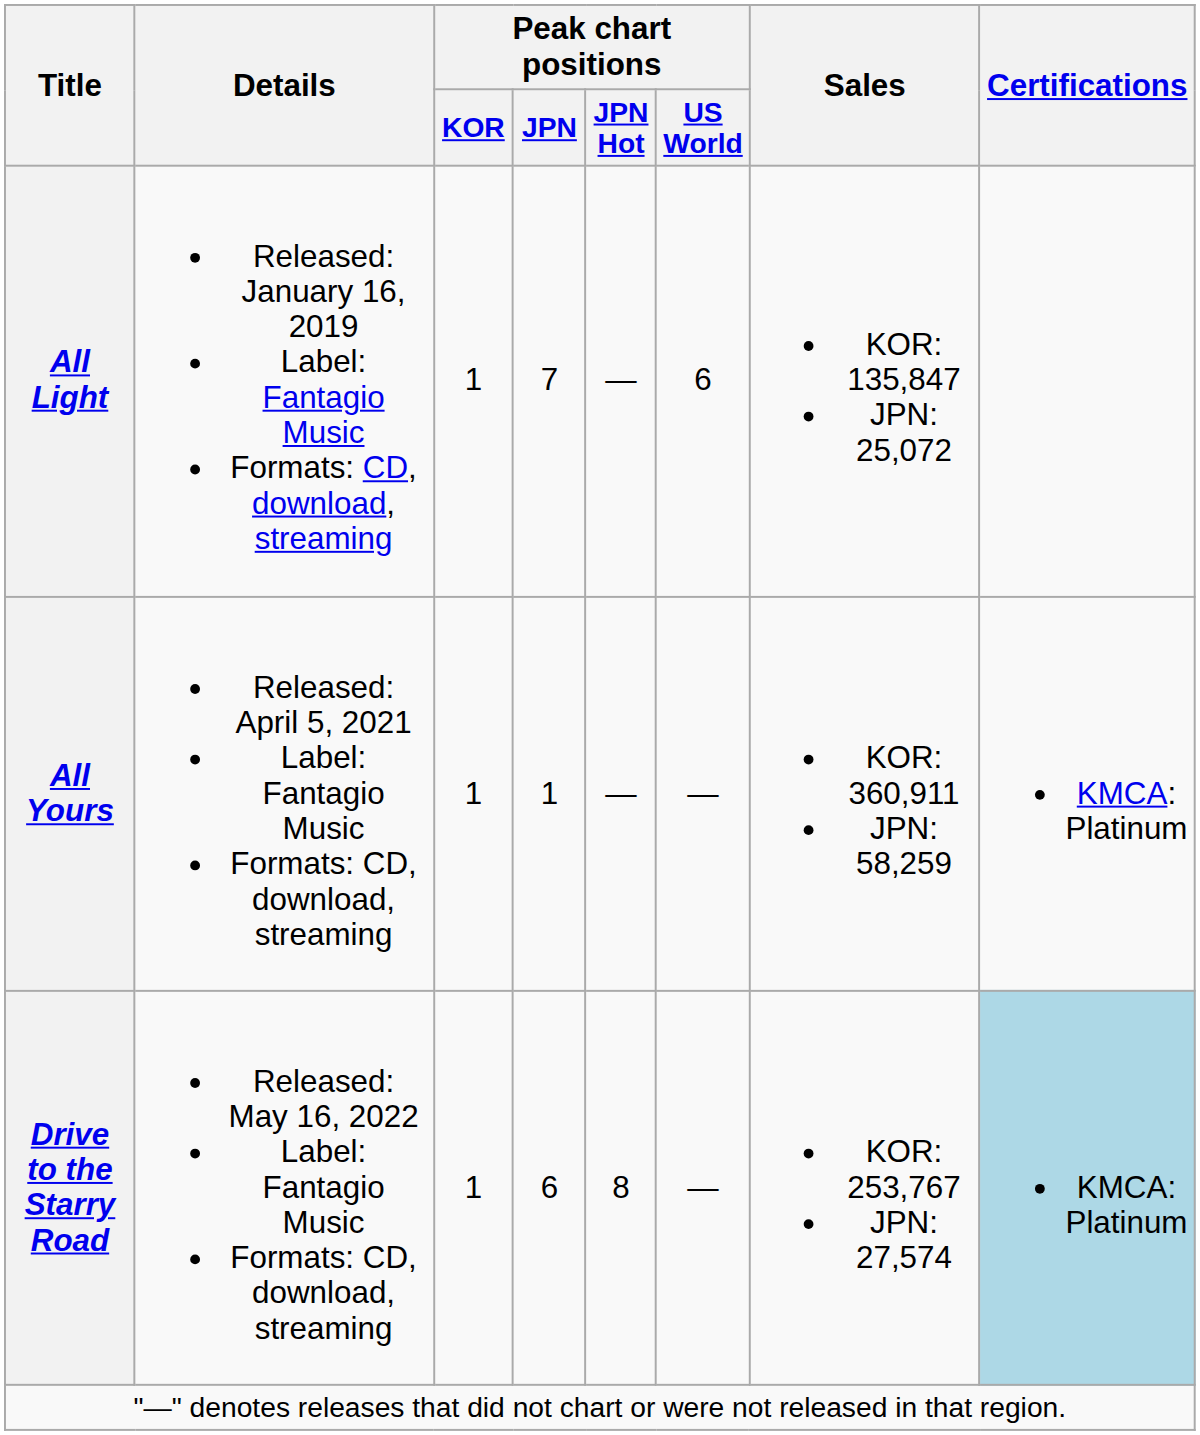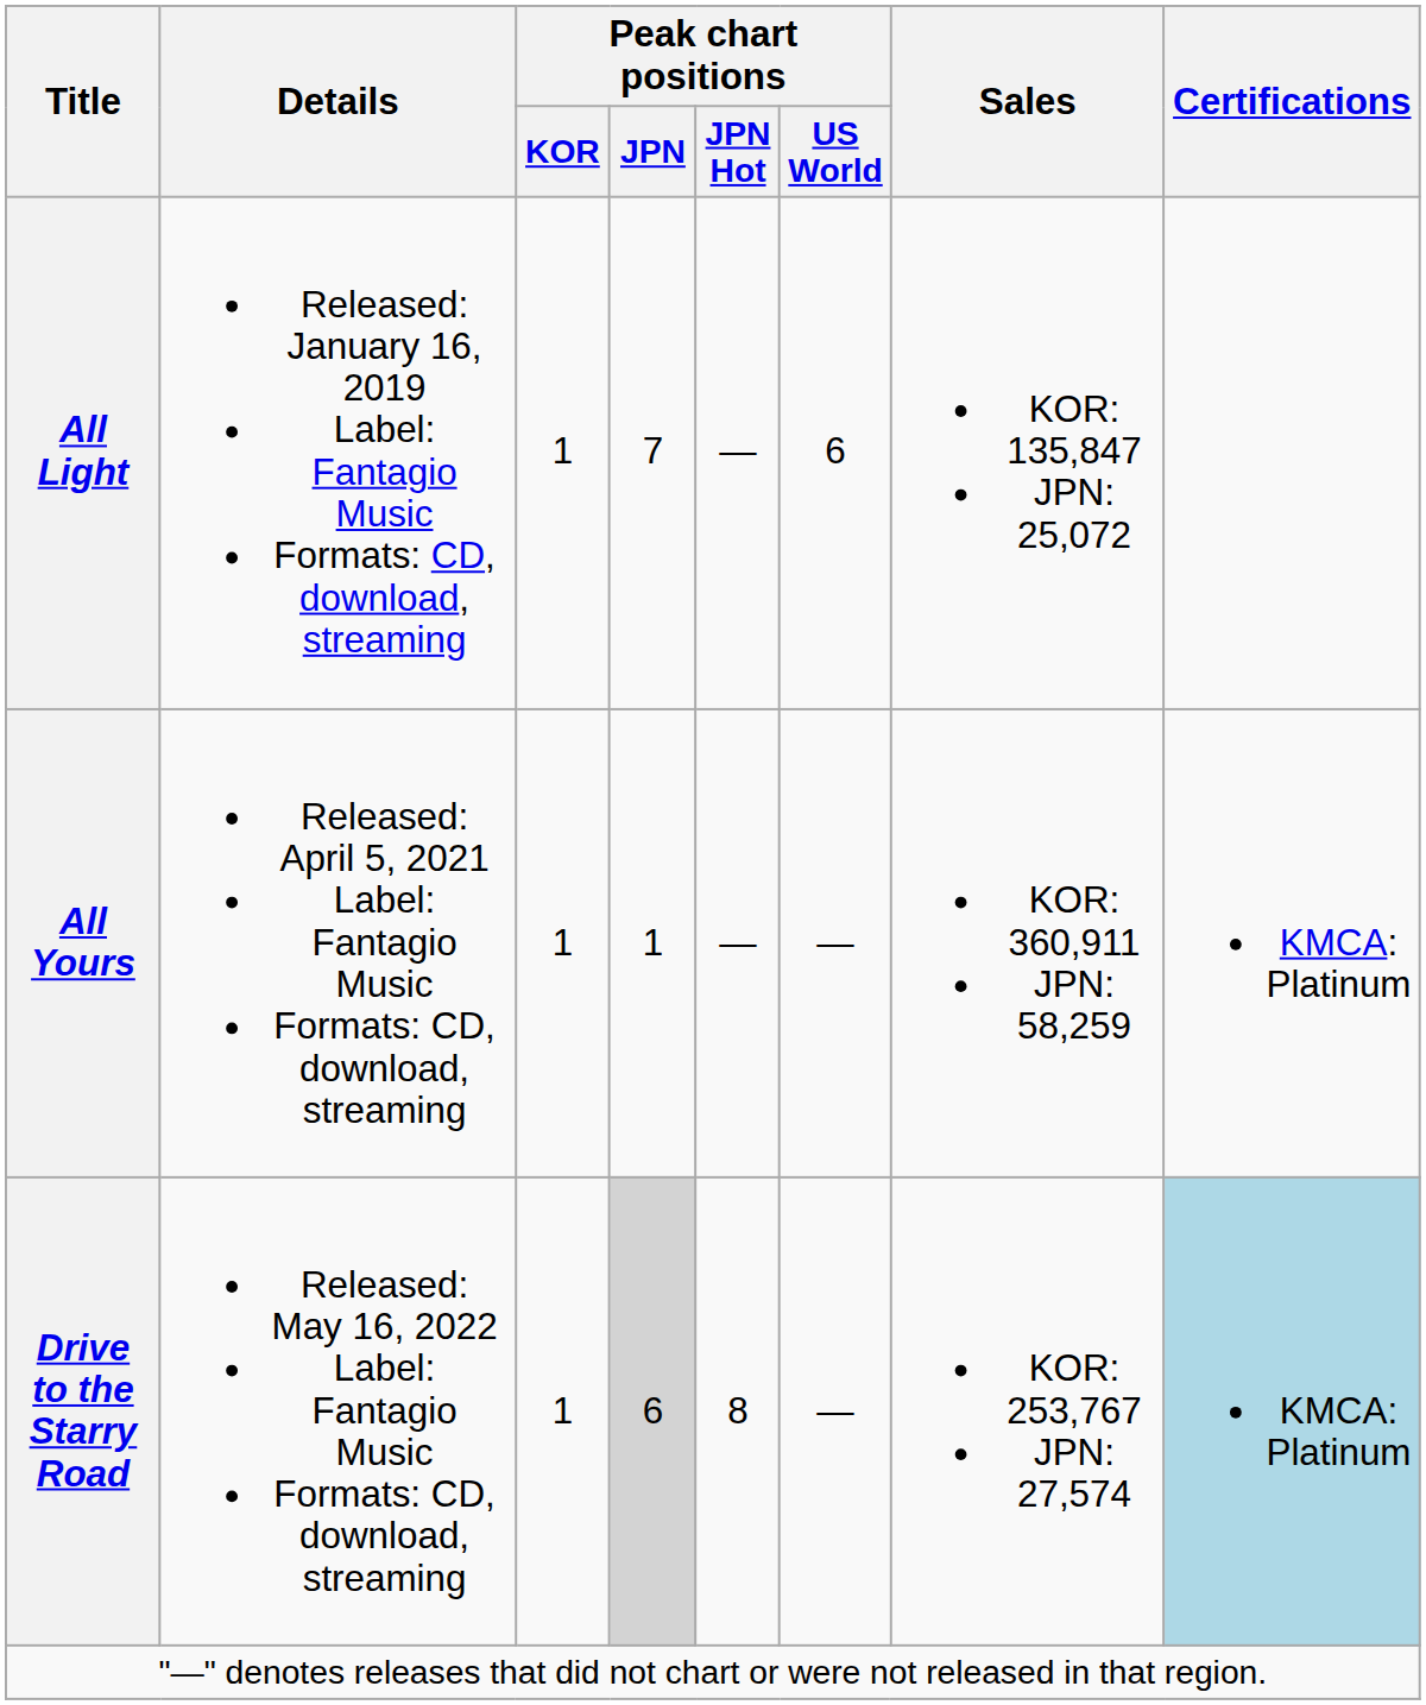 <table class="wikitable plainrowheaders" style="text-align:center;">
 <tr>
 <th scope="col" rowspan="2" style="width:8em;">Title</th>
 <th scope="col" rowspan="2" style="width:20em;">Details</th>
 <th scope="col" colspan="4">Peak chart positions</th>
 <th scope="col" rowspan="2" style="width:11em;">Sales</th>
 <th scope="col" rowspan="2"><a href='#'>Certifications</a><br></th>
 </tr>
 <tr>
 <th scope="col" style="width:3em;font-size:90%"><a href='#'>KOR</a><br></th>
 <th scope="col" style="width:3em;font-size:90%"><a href='#'>JPN</a><br></th>
 <th scope="col" style="font-size:90%; width:2.5em"><a href='#'>JPN<br>Hot</a><br></th>
 <th scope="col" style="width:3em;font-size:90%"><a href='#'>US<br>World</a><br></th>
 </tr>
 <tr>
 <th scope="row"><em><a href='#'>All Light</a></em></th>
 <td><br><ul><li>Released: January 16, 2019</li><li>Label: <a href='#'>Fantagio Music</a></li><li>Formats: <a href='#'>CD</a>, <a href='#'>download</a>, <a href='#'>streaming</a></li></ul></td>
 <td>1</td>
 <td>7</td>
 <td>—</td>
 <td>6</td>
 <td><br><ul><li>KOR: 135,847</li><li>JPN: 25,072</li></ul></td>
 <td></td>
 </tr>
 <tr>
 <th scope="row"><em><a href='#'>All Yours</a></em></th>
 <td><br><ul><li>Released: April 5, 2021</li><li>Label: Fantagio Music</li><li>Formats: CD, download, streaming</li></ul></td>
 <td>1</td>
 <td>1</td>
 <td>—</td>
 <td>—</td>
 <td><br><ul><li>KOR: 360,911</li><li>JPN: 58,259</li></ul></td>
 <td><br><ul><li><a href='#'>KMCA</a>: Platinum</li></ul></td>
 </tr>
 <tr>
 <th scope="row"><em><a href='#'>Drive to the Starry Road</a></em></th>
 <td><br><ul><li>Released: May 16, 2022</li><li>Label: Fantagio Music</li><li>Formats: CD, download, streaming</li></ul></td>
 <td>1</td>
-<td>6</td>
+<td style="background: lightgrey;">6</td>
 <td>8</td>
 <td>—</td>
 <td><br><ul><li>KOR: 253,767</li><li>JPN: 27,574</li></ul></td>
 <td style="background: lightblue;"><br><ul><li>KMCA: Platinum</li></ul></td>
 </tr>
 <tr>
 <td style="font-size:90%" colspan="8">"—" denotes releases that did not chart or were not released in that region.</td>
 </tr>
 </table>
